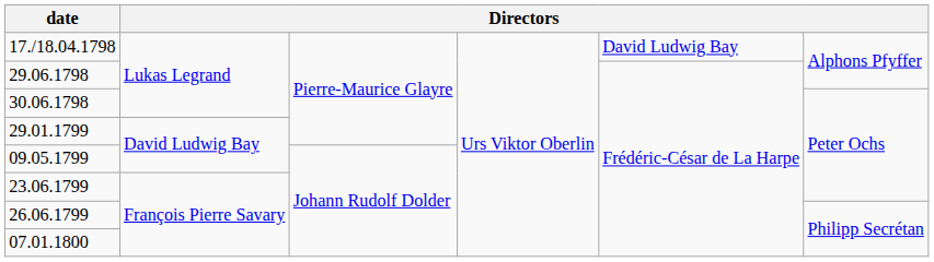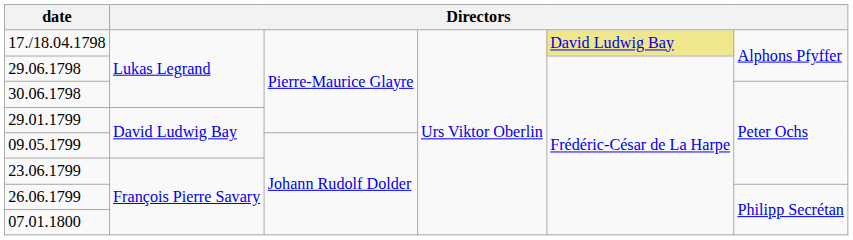 <table class="wikitable">
 <tr>
 <th>date</th>
 <th colspan=5>Directors</th>
 </tr>
 <tr>
 <td>17./18.04.1798</td>
 <td rowspan=3><a href='#'>Lukas Legrand</a></td>
 <td rowspan=4><a href='#'>Pierre-Maurice Glayre</a></td>
 <td rowspan=8><a href='#'>Urs Viktor Oberlin</a></td>
-<td rowspan=1><a href='#'>David Ludwig Bay</a></td>
+<td rowspan=1 style="background: khaki;"><a href='#'>David Ludwig Bay</a></td>
 <td rowspan=2><a href='#'>Alphons Pfyffer</a></td>
 </tr>
 <tr>
 <td>29.06.1798</td>
 <td rowspan=7><a href='#'>Frédéric-César de La Harpe</a></td>
 </tr>
 <tr>
 <td>30.06.1798</td>
 <td rowspan=4><a href='#'>Peter Ochs</a></td>
 </tr>
 <tr>
 <td>29.01.1799</td>
 <td rowspan=2><a href='#'>David Ludwig Bay</a></td>
 </tr>
 <tr>
 <td>09.05.1799</td>
 <td rowspan=4><a href='#'>Johann Rudolf Dolder</a></td>
 </tr>
 <tr>
 <td>23.06.1799</td>
 <td rowspan=3><a href='#'>François Pierre Savary</a></td>
 </tr>
 <tr>
 <td>26.06.1799</td>
 <td rowspan=2><a href='#'>Philipp Secrétan</a></td>
 </tr>
 <tr>
 <td>07.01.1800</td>
 </tr>
 </table>
